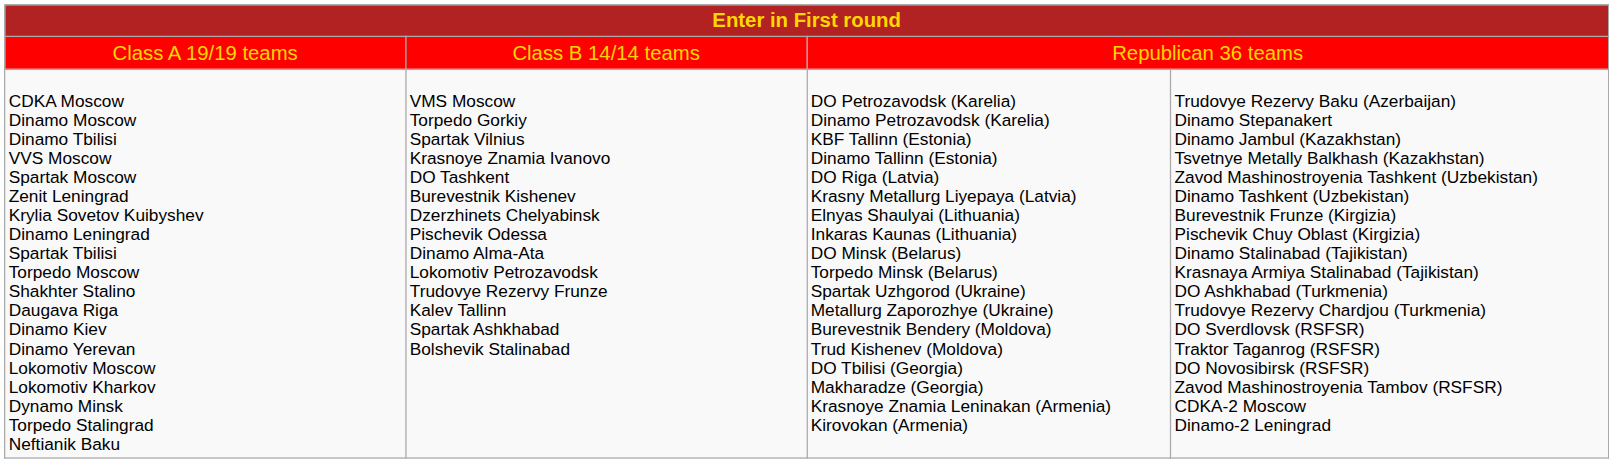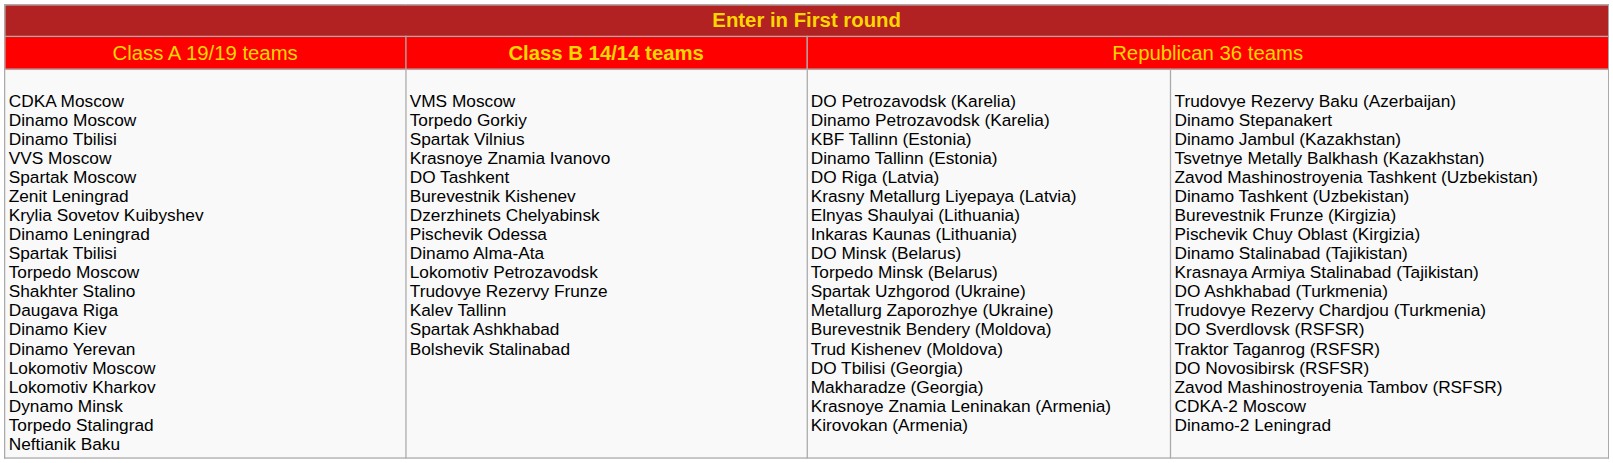 <table class="wikitable" style="width:100%;">
 <tr style="background:Firebrick; text-align:center;">
 <td style="width:100%; color:Gold" colspan="4"><strong>Enter in First round</strong></td>
 </tr>
 <tr style="background:Red;">
 <td style="text-align:center; width:25%; color:Gold" colspan=1>Class A 19/19 teams</td>
-<td style="text-align:center; width:25%; color:Gold" colspan=1>Class B 14/14 teams</td>
+<td style="text-align:center; width:25%; color:Gold" colspan=1><strong>Class B 14/14 teams</strong></td>
 <td style="text-align:center; width:50%; color:Gold" colspan=2>Republican 36 teams</td>
 </tr>
 <tr style="vertical-align:top; font-size:85%;">
 <td rowspan=3><br> CDKA Moscow<br>  Dinamo Moscow<br>  Dinamo Tbilisi<br>  VVS Moscow<br>  Spartak Moscow<br>  Zenit Leningrad<br>  Krylia Sovetov Kuibyshev<br>  Dinamo Leningrad<br>  Spartak Tbilisi<br>  Torpedo Moscow<br>  Shakhter Stalino<br>  Daugava Riga<br>  Dinamo Kiev<br>  Dinamo Yerevan<br>  Lokomotiv Moscow<br>  Lokomotiv Kharkov<br>  Dynamo Minsk<br>  Torpedo Stalingrad<br>  Neftianik Baku<br></td>
 <td><br> VMS Moscow<br>  Torpedo Gorkiy<br>  Spartak Vilnius<br>  Krasnoye Znamia Ivanovo<br>  DO Tashkent<br>  Burevestnik Kishenev<br>  Dzerzhinets Chelyabinsk<br>  Pischevik Odessa<br>  Dinamo Alma-Ata<br>  Lokomotiv Petrozavodsk<br>  Trudovye Rezervy Frunze<br>  Kalev Tallinn<br>  Spartak Ashkhabad<br>  Bolshevik Stalinabad<br></td>
 <td><br> DO Petrozavodsk (Karelia)<br>  Dinamo Petrozavodsk (Karelia)<br>  KBF Tallinn (Estonia)<br>  Dinamo Tallinn (Estonia)<br>  DO Riga (Latvia)<br>  Krasny Metallurg Liyepaya (Latvia)<br>  Elnyas Shaulyai (Lithuania)<br>  Inkaras Kaunas (Lithuania)<br>  DO Minsk (Belarus)<br>  Torpedo Minsk (Belarus)<br>  Spartak Uzhgorod (Ukraine)<br>  Metallurg Zaporozhye (Ukraine)<br>  Burevestnik Bendery (Moldova)<br>  Trud Kishenev (Moldova)<br>  DO Tbilisi (Georgia)<br>  Makharadze (Georgia)<br>  Krasnoye Znamia Leninakan (Armenia)<br>  Kirovokan (Armenia)<br></td>
 <td><br> Trudovye Rezervy Baku (Azerbaijan)<br>  Dinamo Stepanakert<br>  Dinamo Jambul (Kazakhstan)<br>  Tsvetnye Metally Balkhash (Kazakhstan)<br>  Zavod Mashinostroyenia Tashkent (Uzbekistan)<br>  Dinamo Tashkent (Uzbekistan)<br>  Burevestnik Frunze (Kirgizia)<br>  Pischevik Chuy Oblast (Kirgizia)<br>  Dinamo Stalinabad (Tajikistan)<br>  Krasnaya Armiya Stalinabad (Tajikistan)<br>  DO Ashkhabad (Turkmenia)<br>  Trudovye Rezervy Chardjou (Turkmenia)<br>  DO Sverdlovsk (RSFSR)<br>  Traktor Taganrog (RSFSR)<br>  DO Novosibirsk (RSFSR)<br>  Zavod Mashinostroyenia Tambov (RSFSR)<br>  CDKA-2 Moscow<br>  Dinamo-2 Leningrad<br></td>
 </tr>
 </table>
